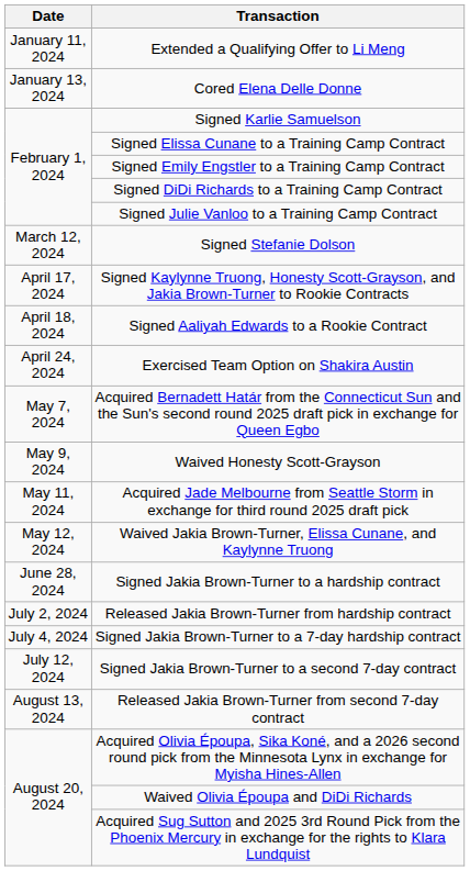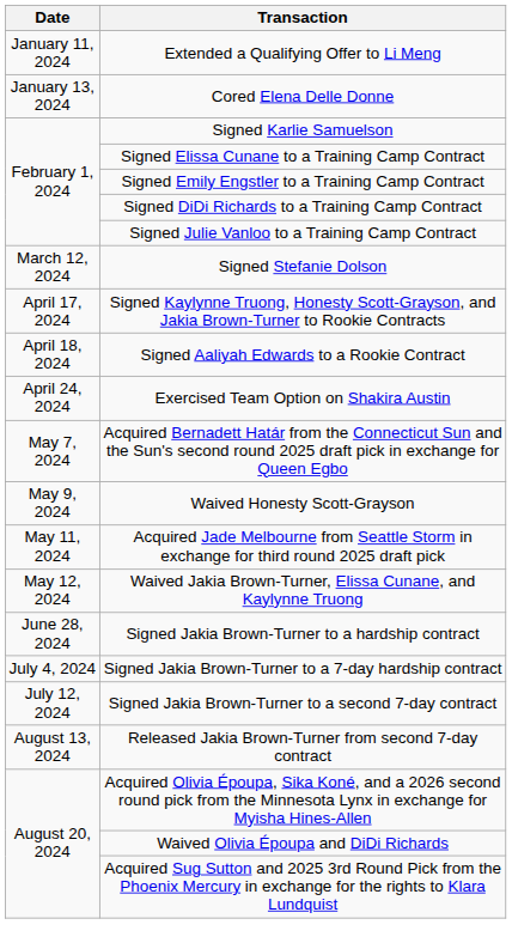 <table class="wikitable" style="width:80%; text-align: center;">
 <tr>
 <th>Date</th>
 <th>Transaction</th>
 </tr>
 <tr>
 <td>January 11, 2024</td>
 <td>Extended a Qualifying Offer to <a href='#'>Li Meng</a></td>
 </tr>
 <tr>
 <td>January 13, 2024</td>
 <td>Cored <a href='#'>Elena Delle Donne</a></td>
 </tr>
 <tr>
 <td rowspan=5>February 1, 2024</td>
 <td>Signed <a href='#'>Karlie Samuelson</a></td>
 </tr>
 <tr>
 <td>Signed <a href='#'>Elissa Cunane</a> to a Training Camp Contract</td>
 </tr>
 <tr>
 <td>Signed <a href='#'>Emily Engstler</a> to a Training Camp Contract</td>
 </tr>
 <tr>
 <td>Signed <a href='#'>DiDi Richards</a> to a Training Camp Contract</td>
 </tr>
 <tr>
 <td>Signed <a href='#'>Julie Vanloo</a> to a Training Camp Contract</td>
 </tr>
 <tr>
 <td>March 12, 2024</td>
 <td>Signed <a href='#'>Stefanie Dolson</a></td>
 </tr>
 <tr>
 <td>April 17, 2024</td>
 <td>Signed <a href='#'>Kaylynne Truong</a>, <a href='#'>Honesty Scott-Grayson</a>, and <a href='#'>Jakia Brown-Turner</a> to Rookie Contracts</td>
 </tr>
 <tr>
 <td>April 18, 2024</td>
 <td>Signed <a href='#'>Aaliyah Edwards</a> to a Rookie Contract</td>
 </tr>
 <tr>
 <td>April 24, 2024</td>
 <td>Exercised Team Option on <a href='#'>Shakira Austin</a></td>
 </tr>
 <tr>
 <td>May 7, 2024</td>
 <td>Acquired <a href='#'>Bernadett Határ</a> from the <a href='#'>Connecticut Sun</a> and the Sun's second round 2025 draft pick in exchange for <a href='#'>Queen Egbo</a></td>
 </tr>
 <tr>
 <td>May 9, 2024</td>
 <td>Waived Honesty Scott-Grayson</td>
 </tr>
 <tr>
 <td>May 11, 2024</td>
 <td>Acquired <a href='#'>Jade Melbourne</a> from <a href='#'>Seattle Storm</a> in exchange for third round 2025 draft pick</td>
 </tr>
 <tr>
 <td>May 12, 2024</td>
 <td>Waived Jakia Brown-Turner, <a href='#'>Elissa Cunane</a>, and <a href='#'>Kaylynne Truong</a></td>
 </tr>
 <tr>
 <td>June 28, 2024</td>
 <td>Signed Jakia Brown-Turner to a hardship contract</td>
 </tr>
 <tr>
-<td>July 2, 2024</td>
-<td>Released Jakia Brown-Turner from hardship contract</td>
-</tr>
-<tr>
 <td>July 4, 2024</td>
 <td>Signed Jakia Brown-Turner to a 7-day hardship contract</td>
 </tr>
 <tr>
 <td>July 12, 2024</td>
 <td>Signed Jakia Brown-Turner to a second 7-day contract</td>
 </tr>
 <tr>
 <td>August 13, 2024</td>
 <td>Released Jakia Brown-Turner from second 7-day contract</td>
 </tr>
 <tr>
 <td rowspan=3>August 20, 2024</td>
 <td>Acquired <a href='#'>Olivia Époupa</a>, <a href='#'>Sika Koné</a>, and a 2026 second round pick from the Minnesota Lynx in exchange for <a href='#'>Myisha Hines-Allen</a></td>
 </tr>
 <tr>
 <td>Waived <a href='#'>Olivia Époupa</a> and <a href='#'>DiDi Richards</a></td>
 </tr>
 <tr>
 <td>Acquired <a href='#'>Sug Sutton</a> and 2025 3rd Round Pick from the <a href='#'>Phoenix Mercury</a> in exchange for the rights to <a href='#'>Klara Lundquist</a></td>
 </tr>
 </table>
